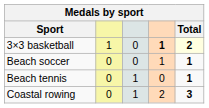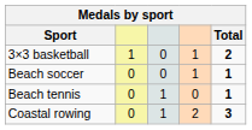 <table class="wikitable" style="font-size:90%; text-align:center;">
 <tr>
 <th colspan="5">Medals by sport</th>
 </tr>
 <tr>
 <th width="120">Sport</th>
 <th scope="col" width="30" style="background:#F7F6A8;"></th>
 <th scope="col" width="30" style="background:#DCE5E5;"></th>
 <th scope="col" width="30" style="background:#FFDAB9;"></th>
 <th width="30">Total</th>
 </tr>
 <tr>
 <td align="left">3×3 basketball</td>
 <td style="background:#F7F6A8;">1</td>
 <td style="background:#DCE5E5;">0</td>
-<td style="background:#FFDAB9;"><strong>1</strong></td>
-<td style="background: lightyellow;"><strong>2</strong></td>
+<td style="background:#FFDAB9;">1</td>
+<td><strong>2</strong></td>
 </tr>
 <tr>
 <td align="left">Beach soccer</td>
 <td style="background:#F7F6A8;">0</td>
 <td style="background:#DCE5E5;">0</td>
 <td style="background:#FFDAB9;">1</td>
 <td><strong>1</strong></td>
 </tr>
 <tr>
 <td align="left">Beach tennis</td>
 <td style="background:#F7F6A8;">0</td>
 <td style="background:#DCE5E5;">1</td>
 <td style="background:#FFDAB9;">0</td>
 <td><strong>1</strong></td>
 </tr>
 <tr>
 <td align="left">Coastal rowing</td>
 <td style="background:#F7F6A8;">0</td>
 <td style="background:#DCE5E5;">1</td>
 <td style="background:#FFDAB9;">2</td>
 <td><strong>3</strong></td>
 </tr>
 </table>
